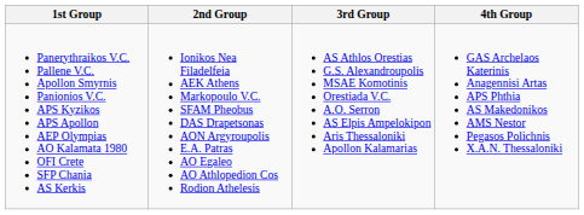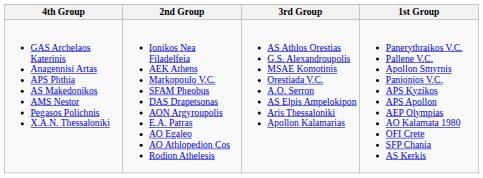 <table class="wikitable">
 <tr>
-<th width="190">1st  Group</th>
+<th width="190">4th Group</th>
 <th width="190">2nd Group</th>
 <th width="190">3rd Group</th>
-<th width="190">4th Group</th>
+<th width="190">1st  Group</th>
 </tr>
 <tr>
-<td valign="top"><br><ul><li><a href='#'>Panerythraikos V.C.</a></li><li><a href='#'>Pallene V.C.</a></li><li><a href='#'>Apollon Smyrnis</a></li><li><a href='#'>Panionios V.C.</a></li><li><a href='#'>APS Kyzikos</a></li><li><a href='#'>APS Apollon</a></li><li><a href='#'>AEP Olympias</a></li><li><a href='#'>AO Kalamata 1980</a></li><li><a href='#'>OFI Crete</a></li><li><a href='#'>SFP Chania</a></li><li><a href='#'>AS Kerkis</a></li></ul></td>
+<td valign="top"><br><ul><li><a href='#'>GAS Archelaos Katerinis</a></li><li><a href='#'>Anagennisi Artas</a></li><li><a href='#'>APS Phthia</a></li><li><a href='#'>AS Makedonikos</a></li><li><a href='#'>AMS Nestor</a></li><li><a href='#'>Pegasos Polichnis</a></li><li><a href='#'>X.A.N. Thessaloniki</a></li></ul></td>
 <td valign="top"><br><ul><li><a href='#'>Ionikos Nea Filadelfeia</a></li><li><a href='#'>AEK Athens</a></li><li><a href='#'>Markopoulo V.C.</a></li><li><a href='#'>SFAM Pheobus</a></li><li><a href='#'>DAS Drapetsonas</a></li><li><a href='#'>AON Argyroupolis</a></li><li><a href='#'>E.A. Patras</a></li><li><a href='#'>AO Egaleo</a></li><li><a href='#'>AO Athlopedion Cos</a></li><li><a href='#'>Rodion Athelesis</a></li></ul></td>
 <td valign="top"><br><ul><li><a href='#'>AS Athlos Orestias</a></li><li><a href='#'>G.S. Alexandroupolis</a></li><li><a href='#'>MSAE Komotinis</a></li><li><a href='#'>Orestiada V.C.</a></li><li><a href='#'>A.O. Serron</a></li><li><a href='#'>AS Elpis Ampelokipon</a></li><li><a href='#'>Aris Thessaloniki</a></li><li><a href='#'>Apollon Kalamarias</a></li></ul></td>
-<td valign="top"><br><ul><li><a href='#'>GAS Archelaos Katerinis</a></li><li><a href='#'>Anagennisi Artas</a></li><li><a href='#'>APS Phthia</a></li><li><a href='#'>AS Makedonikos</a></li><li><a href='#'>AMS Nestor</a></li><li><a href='#'>Pegasos Polichnis</a></li><li><a href='#'>X.A.N. Thessaloniki</a></li></ul></td>
+<td valign="top"><br><ul><li><a href='#'>Panerythraikos V.C.</a></li><li><a href='#'>Pallene V.C.</a></li><li><a href='#'>Apollon Smyrnis</a></li><li><a href='#'>Panionios V.C.</a></li><li><a href='#'>APS Kyzikos</a></li><li><a href='#'>APS Apollon</a></li><li><a href='#'>AEP Olympias</a></li><li><a href='#'>AO Kalamata 1980</a></li><li><a href='#'>OFI Crete</a></li><li><a href='#'>SFP Chania</a></li><li><a href='#'>AS Kerkis</a></li></ul></td>
 </tr>
 </table>
